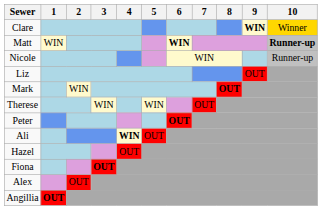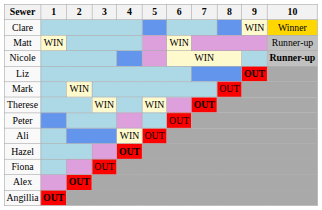 <table class="wikitable"style="text-align:center">
 <tr>
 <th>Sewer</th>
 <th>1</th>
 <th>2</th>
 <th>3</th>
 <th>4</th>
 <th>5</th>
 <th>6</th>
 <th>7</th>
 <th>8</th>
 <th>9</th>
 <th>10</th>
 </tr>
 <tr>
 <td>Clare</td>
 <td colspan=4 style="background:lightblue;"></td>
 <td style="background:cornflowerblue;"></td>
 <td colspan=2 style="background:lightblue;"></td>
 <td style="background:cornflowerblue;"></td>
-<td style="background:lemonchiffon;"><strong>WIN</strong></td>
+<td style="background:lemonchiffon;">WIN</td>
 <td style="background:Gold;">Winner</td>
 </tr>
 <tr>
 <td>Matt</td>
 <td style="background:lemonchiffon;">WIN</td>
 <td colspan=3 style="background:lightblue;"></td>
 <td style="background:plum;"></td>
-<td style="background:lemonchiffon;"><strong>WIN</strong></td>
+<td style="background:lemonchiffon;">WIN</td>
 <td colspan=3 style="background:plum;"></td>
-<td style="background:Silver;"><strong>Runner-up</strong></td>
+<td style="background:Silver;">Runner-up</td>
 </tr>
 <tr>
 <td>Nicole</td>
 <td colspan=3 style="background:lightblue;"></td>
 <td style="background:cornflowerblue;"></td>
 <td style="background:plum;"></td>
 <td colspan=3 style="background:lemonchiffon;">WIN</td>
 <td style="background:lightblue;"></td>
-<td style="background:Silver;">Runner-up</td>
+<td style="background:Silver;"><strong>Runner-up</strong></td>
 </tr>
 <tr>
 <td>Liz</td>
 <td colspan=6 style="background:lightblue;"></td>
 <td colspan=2 style="background:cornflowerblue;"></td>
-<td style="background:red;">OUT</td>
+<td style="background:red;"><strong>OUT</strong></td>
 <td colspan="1" style="background:darkgrey;"></td>
 </tr>
 <tr>
 <td>Mark</td>
 <td style="background:lightblue;"></td>
 <td style="background:lemonchiffon;">WIN</td>
 <td colspan=5 style="background:lightblue;"></td>
-<td style="background:red;"><strong>OUT</strong></td>
+<td style="background:red;">OUT</td>
 <td colspan="2" style="background:darkgrey;"></td>
 </tr>
 <tr>
 <td>Therese</td>
 <td colspan=2 style="background:lightblue;"></td>
 <td style="background:lemonchiffon;">WIN</td>
 <td style="background:lightblue;"></td>
 <td style="background:lemonchiffon;">WIN</td>
 <td style="background:plum;"></td>
-<td style="background:red;">OUT</td>
+<td style="background:red;"><strong>OUT</strong></td>
 <td colspan="3" style="background:darkgrey;"></td>
 </tr>
 <tr>
 <td>Peter</td>
 <td style="background:cornflowerblue;"></td>
 <td colspan=2 style="background:lightblue;"></td>
 <td style="background:plum;"></td>
 <td style="background:lightblue;"></td>
-<td style="background:red;"><strong>OUT</strong></td>
+<td style="background:red;">OUT</td>
 <td colspan="4" style="background:darkgrey;"></td>
 </tr>
 <tr>
 <td>Ali</td>
 <td style="background:lightblue;"></td>
 <td colspan=2 style="background:cornflowerblue;"></td>
-<td style="background:lemonchiffon;"><strong>WIN</strong></td>
+<td style="background:lemonchiffon;">WIN</td>
 <td style="background:red;">OUT</td>
 <td colspan="5" style="background:darkgrey;"></td>
 </tr>
 <tr>
 <td>Hazel</td>
 <td colspan=2 style="background:lightblue;"></td>
 <td style="background:plum;"></td>
-<td style="background:red;">OUT</td>
+<td style="background:red;"><strong>OUT</strong></td>
 <td colspan="6" style="background:darkgrey;"></td>
 </tr>
 <tr>
 <td>Fiona</td>
 <td style="background:lightblue;"></td>
 <td style="background:plum;"></td>
-<td style="background:red;"><strong>OUT</strong></td>
+<td style="background:red;">OUT</td>
 <td colspan="7" style="background:darkgrey;"></td>
 </tr>
 <tr>
 <td>Alex</td>
 <td style="background:plum;"></td>
-<td style="background:red;">OUT</td>
+<td style="background:red;"><strong>OUT</strong></td>
 <td colspan="8" style="background:darkgrey;"></td>
 </tr>
 <tr>
 <td>Angillia</td>
 <td style="background:red;"><strong>OUT</strong></td>
 <td colspan="9" style="background:darkgrey;"></td>
 </tr>
 </table>
